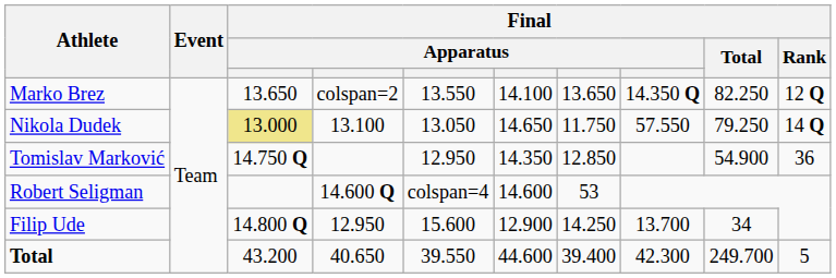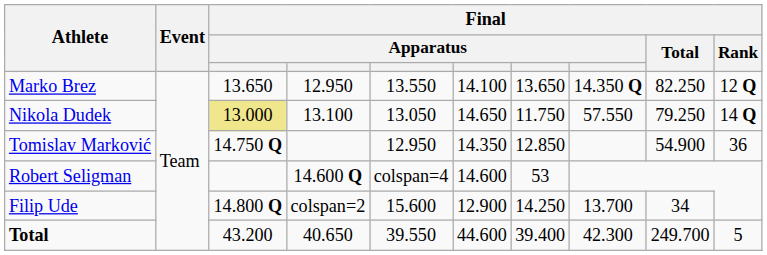 <table class="wikitable" style="font-size:90%">
 <tr>
 <th rowspan=3>Athlete</th>
 <th rowspan=3>Event</th>
 <th colspan =8>Final</th>
 </tr>
 <tr style="font-size:95%">
 <th colspan=6>Apparatus</th>
 <th rowspan=2>Total</th>
 <th rowspan=2>Rank</th>
 </tr>
 <tr style="font-size:95%">
 <th></th>
 <th></th>
 <th></th>
 <th></th>
 <th></th>
 <th></th>
 </tr>
 <tr align=center>
 <td align=left><a href='#'>Marko Brez</a></td>
 <td align=left rowspan=6>Team</td>
 <td>13.650</td>
-<td>colspan=2 </td>
+<td>12.950</td>
 <td>13.550</td>
 <td>14.100</td>
 <td>13.650</td>
 <td>14.350 <strong>Q</strong></td>
 <td>82.250</td>
 <td>12 <strong>Q</strong></td>
 </tr>
 <tr align=center>
 <td align=left><a href='#'>Nikola Dudek</a></td>
 <td style="background: khaki;">13.000</td>
 <td>13.100</td>
 <td>13.050</td>
 <td>14.650</td>
 <td>11.750</td>
 <td>57.550</td>
 <td>79.250</td>
 <td>14 <strong>Q</strong></td>
 </tr>
 <tr align=center>
 <td align=left><a href='#'>Tomislav Marković</a></td>
 <td>14.750 <strong>Q</strong></td>
 <td></td>
 <td>12.950</td>
 <td>14.350</td>
 <td>12.850</td>
 <td></td>
 <td>54.900</td>
 <td>36</td>
 </tr>
 <tr align=center>
 <td align=left><a href='#'>Robert Seligman</a></td>
 <td></td>
 <td>14.600 <strong>Q</strong></td>
 <td>colspan=4 </td>
 <td>14.600</td>
 <td>53</td>
 </tr>
 <tr align=center>
 <td align=left><a href='#'>Filip Ude</a></td>
 <td>14.800 <strong>Q</strong></td>
-<td>12.950</td>
+<td>colspan=2 </td>
 <td>15.600</td>
 <td>12.900</td>
 <td>14.250</td>
 <td>13.700</td>
 <td>34</td>
 </tr>
 <tr align=center>
 <td align=left><strong>Total</strong></td>
 <td>43.200</td>
 <td>40.650</td>
 <td>39.550</td>
 <td>44.600</td>
 <td>39.400</td>
 <td>42.300</td>
 <td>249.700</td>
 <td>5</td>
 </tr>
 </table>
